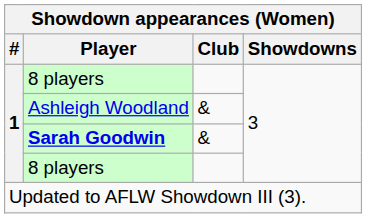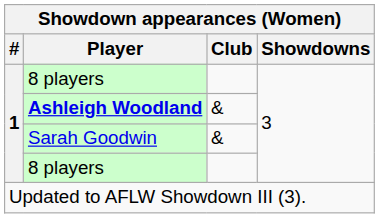 <table class="wikitable">
 <tr>
 <th colspan="4">Showdown appearances (Women)</th>
 </tr>
 <tr>
 <th>#</th>
 <th>Player</th>
 <th>Club</th>
 <th>Showdowns</th>
 </tr>
 <tr>
 <th rowspan="4">1</th>
 <td style="background:#cfc;">8 players</td>
 <td></td>
 <td rowspan="4">3</td>
 </tr>
 <tr>
-<td style="background:#cfc;"><a href='#'>Ashleigh Woodland</a></td>
+<td style="background:#cfc;"><strong><a href='#'>Ashleigh Woodland</a></strong></td>
 <td> & </td>
 </tr>
 <tr>
-<td style="background:#cfc;"><strong><a href='#'>Sarah Goodwin</a></strong></td>
+<td style="background:#cfc;"><a href='#'>Sarah Goodwin</a></td>
 <td> & </td>
 </tr>
 <tr>
 <td style="background:#cfc;">8 players</td>
 <td></td>
 </tr>
 <tr>
 <td colspan="4">Updated to AFLW Showdown III (3).</td>
 </tr>
 </table>
